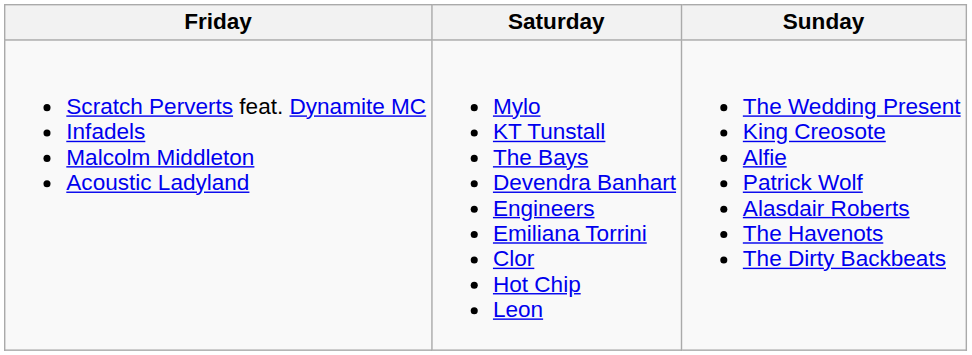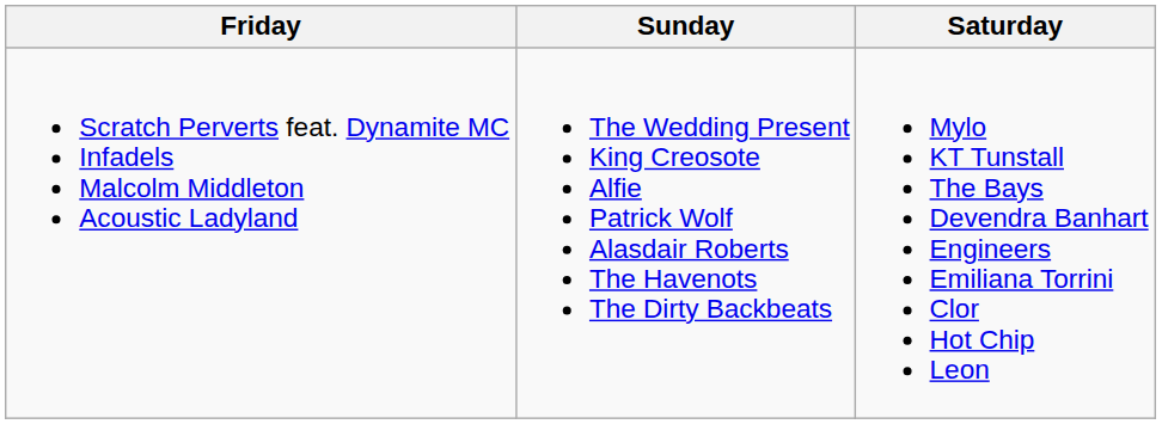 <table class="wikitable">
 <tr>
 <th>Friday</th>
+<th>Sunday</th>
 <th>Saturday</th>
-<th>Sunday</th>
 </tr>
 <tr>
 <td valign=top><br><ul><li><a href='#'>Scratch Perverts</a> feat. <a href='#'>Dynamite MC</a></li><li><a href='#'>Infadels</a></li><li><a href='#'>Malcolm Middleton</a></li><li><a href='#'>Acoustic Ladyland</a></li></ul></td>
+<td valign=top><br><ul><li><a href='#'>The Wedding Present</a></li><li><a href='#'>King Creosote</a></li><li><a href='#'>Alfie</a></li><li><a href='#'>Patrick Wolf</a></li><li><a href='#'>Alasdair Roberts</a></li><li><a href='#'>The Havenots</a></li><li><a href='#'>The Dirty Backbeats</a></li></ul></td>
 <td valign=top><br><ul><li><a href='#'>Mylo</a></li><li><a href='#'>KT Tunstall</a></li><li><a href='#'>The Bays</a></li><li><a href='#'>Devendra Banhart</a></li><li><a href='#'>Engineers</a></li><li><a href='#'>Emiliana Torrini</a></li><li><a href='#'>Clor</a></li><li><a href='#'>Hot Chip</a></li><li><a href='#'>Leon</a></li></ul></td>
-<td valign=top><br><ul><li><a href='#'>The Wedding Present</a></li><li><a href='#'>King Creosote</a></li><li><a href='#'>Alfie</a></li><li><a href='#'>Patrick Wolf</a></li><li><a href='#'>Alasdair Roberts</a></li><li><a href='#'>The Havenots</a></li><li><a href='#'>The Dirty Backbeats</a></li></ul></td>
 </tr>
 </table>
